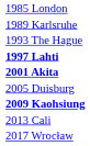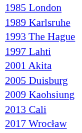 <table>
 <tr>
 <td><a href='#'>1985 London</a></td>
 <td></td>
 <td></td>
 <td></td>
 </tr>
 <tr>
 <td><a href='#'>1989 Karlsruhe</a></td>
 <td></td>
 <td></td>
 <td></td>
 </tr>
 <tr>
 <td><a href='#'>1993 The Hague</a></td>
 <td></td>
 <td></td>
 <td></td>
 </tr>
 <tr>
-<td><strong><a href='#'>1997 Lahti</a></strong></td>
+<td><a href='#'>1997 Lahti</a></td>
 <td></td>
 <td></td>
 <td></td>
 </tr>
 <tr>
-<td><strong><a href='#'>2001 Akita</a></strong></td>
+<td><a href='#'>2001 Akita</a></td>
 <td></td>
 <td></td>
 <td></td>
 </tr>
 <tr>
 <td><a href='#'>2005 Duisburg</a></td>
 <td></td>
 <td></td>
 <td></td>
 </tr>
 <tr>
-<td><strong><a href='#'>2009 Kaohsiung</a></strong></td>
+<td><a href='#'>2009 Kaohsiung</a></td>
 <td></td>
 <td></td>
 <td></td>
 </tr>
 <tr>
 <td><a href='#'>2013 Cali</a></td>
 <td></td>
 <td></td>
 <td></td>
 </tr>
 <tr>
 <td><a href='#'>2017 Wrocław</a></td>
 <td></td>
 <td></td>
 <td></td>
 </tr>
 </table>
